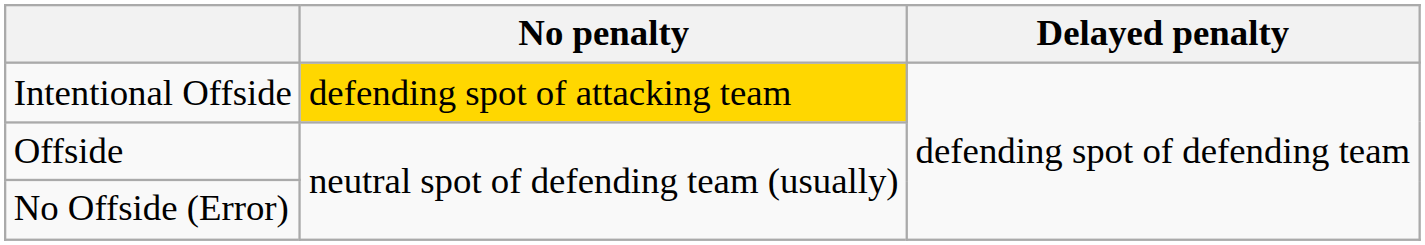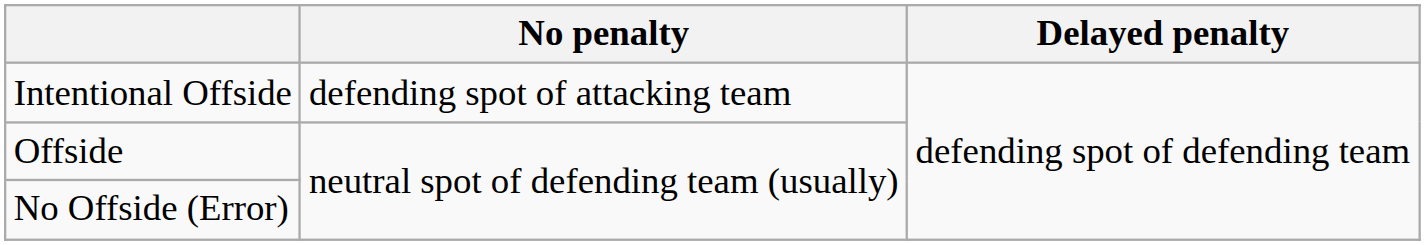 <table class="wikitable">
 <tr>
 <th></th>
 <th>No penalty</th>
 <th>Delayed penalty</th>
 </tr>
 <tr>
 <td>Intentional Offside</td>
-<td style="background: gold;">defending spot of attacking team</td>
+<td>defending spot of attacking team</td>
 <td rowspan="3">defending spot of defending team</td>
 </tr>
 <tr>
 <td>Offside</td>
 <td rowspan="2">neutral spot of defending team (usually)</td>
 </tr>
 <tr>
 <td>No Offside (Error)</td>
 </tr>
 </table>
